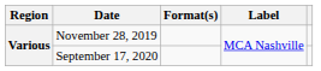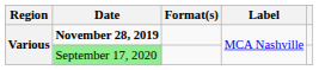 <table class="wikitable plainrowheaders">
 <tr>
 <th scope="col">Region</th>
 <th scope="col">Date</th>
 <th scope="col">Format(s)</th>
 <th scope="col">Label</th>
 <th scope="col"></th>
 </tr>
 <tr>
 <th scope="row" rowspan="2">Various</th>
-<td>November 28, 2019</td>
+<td><strong>November 28, 2019</strong></td>
 <td></td>
 <td rowspan="2"><a href='#'>MCA Nashville</a></td>
 <td></td>
 </tr>
 <tr>
-<td>September 17, 2020</td>
+<td style="background: lightgreen;">September 17, 2020</td>
 <td></td>
 <td></td>
 </tr>
 </table>
